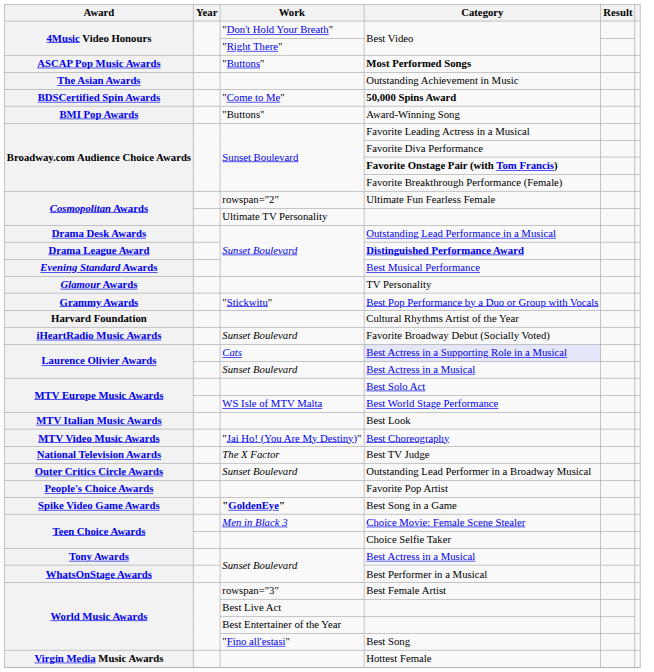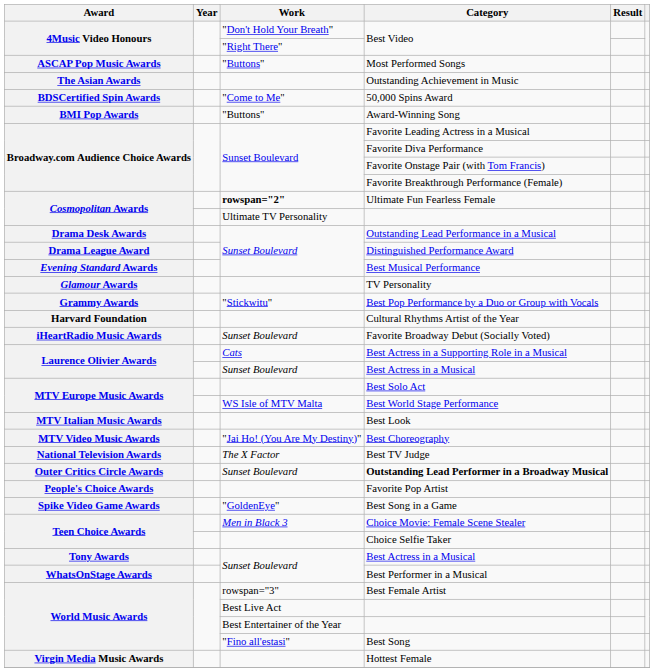 <table class="wikitable sortable plainrowheaders">
 <tr>
 <th scope="col">Award</th>
 <th scope="col">Year</th>
 <th scope="col">Work</th>
 <th scope="col">Category</th>
 <th scope="col">Result</th>
 <th scope="col" class="unsortable"></th>
 </tr>
 <tr>
 <th scope="row" rowspan="2"><a href='#'>4Music</a> Video Honours</th>
 <td rowspan="2"></td>
 <td>"<a href='#'>Don't Hold Your Breath</a>"</td>
 <td rowspan="2">Best Video</td>
 <td></td>
 <td rowspan="2"></td>
 </tr>
 <tr>
 <td>"<a href='#'>Right There</a>"</td>
 <td></td>
 </tr>
 <tr>
 <th scope="row"><a href='#'>ASCAP Pop Music Awards</a></th>
 <td></td>
 <td>"<a href='#'>Buttons</a>"</td>
-<td><strong>Most Performed Songs</strong></td>
+<td>Most Performed Songs</td>
 <td></td>
 <td></td>
 </tr>
 <tr>
 <th scope="row"><a href='#'>The Asian Awards</a></th>
 <td></td>
 <td></td>
 <td>Outstanding Achievement in Music</td>
 <td></td>
 <td></td>
 </tr>
 <tr>
 <th scope="row"><a href='#'>BDSCertified Spin Awards</a></th>
 <td></td>
 <td>"<a href='#'>Come to Me</a>" </td>
-<td><strong>50,000 Spins Award</strong></td>
+<td>50,000 Spins Award</td>
 <td></td>
 <td></td>
 </tr>
 <tr>
 <th scope="row"><a href='#'>BMI Pop Awards</a></th>
 <td></td>
 <td>"Buttons"</td>
 <td>Award-Winning Song</td>
 <td></td>
 <td></td>
 </tr>
 <tr>
 <th scope=row rowspan=4>Broadway.com Audience Choice Awards</th>
 <td rowspan=4></td>
 <td rowspan=4><a href='#'>Sunset Boulevard</a></td>
 <td>Favorite Leading Actress in a Musical</td>
 <td></td>
 <td></td>
 </tr>
 <tr>
 <td>Favorite Diva Performance</td>
 <td></td>
 <td></td>
 </tr>
 <tr>
-<td><strong>Favorite Onstage Pair (with <a href='#'>Tom Francis</a>)</strong></td>
+<td>Favorite Onstage Pair (with <a href='#'>Tom Francis</a>)</td>
 <td></td>
 <td></td>
 </tr>
 <tr>
 <td>Favorite Breakthrough Performance (Female)</td>
 <td></td>
 <td></td>
 </tr>
 <tr>
 <th scope="row" rowspan="2"><a href='#'><em>Cosmopolitan</em> Awards</a></th>
 <td></td>
-<td>rowspan="2" </td>
+<td><strong>rowspan="2" </strong></td>
 <td>Ultimate Fun Fearless Female</td>
 <td></td>
 <td></td>
 </tr>
 <tr>
 <td></td>
 <td>Ultimate TV Personality</td>
 <td></td>
 <td></td>
 </tr>
 <tr>
 <th scope="row"><a href='#'>Drama Desk Awards</a></th>
 <td></td>
 <td rowspan="3"><em><a href='#'>Sunset Boulevard</a></em></td>
 <td><a href='#'>Outstanding Lead Performance in a Musical</a></td>
 <td></td>
 <td align="center"></td>
 </tr>
 <tr>
 <th scope="row"><a href='#'>Drama League Award</a></th>
 <td></td>
-<td><strong><a href='#'>Distinguished Performance Award</a></strong></td>
+<td><a href='#'>Distinguished Performance Award</a></td>
 <td></td>
 <td align="center"></td>
 </tr>
 <tr>
 <th scope="row"><a href='#'><em>Evening Standard</em> Awards</a></th>
 <td></td>
 <td><a href='#'>Best Musical Performance</a></td>
 <td></td>
 <td align="center"></td>
 </tr>
 <tr>
 <th scope="row"><a href='#'><em>Glamour</em> Awards</a></th>
 <td></td>
 <td></td>
 <td>TV Personality</td>
 <td></td>
 <td align="center"></td>
 </tr>
 <tr>
 <th scope="row"><a href='#'>Grammy Awards</a></th>
 <td></td>
 <td>"<a href='#'>Stickwitu</a>"</td>
 <td><a href='#'>Best Pop Performance by a Duo or Group with Vocals</a></td>
 <td></td>
 <td></td>
 </tr>
 <tr>
 <th scope="row">Harvard Foundation</th>
 <td></td>
 <td></td>
 <td>Cultural Rhythms Artist of the Year</td>
 <td></td>
 <td></td>
 </tr>
 <tr>
 <th scope="row"><a href='#'>iHeartRadio Music Awards</a></th>
 <td></td>
 <td><em>Sunset Boulevard</em></td>
 <td>Favorite Broadway Debut (Socially Voted)</td>
 <td></td>
 <td align="center"></td>
 </tr>
 <tr>
 <th scope="row" rowspan="2"><a href='#'>Laurence Olivier Awards</a></th>
 <td></td>
 <td><em><a href='#'>Cats</a></em></td>
-<td style="background: lavender;"><a href='#'>Best Actress in a Supporting Role in a Musical</a></td>
+<td><a href='#'>Best Actress in a Supporting Role in a Musical</a></td>
 <td></td>
 <td></td>
 </tr>
 <tr>
 <td></td>
 <td><em>Sunset Boulevard</em></td>
 <td><a href='#'>Best Actress in a Musical</a></td>
 <td></td>
 <td></td>
 </tr>
 <tr>
 <th scope="row" rowspan="2"><a href='#'>MTV Europe Music Awards</a></th>
 <td></td>
 <td></td>
 <td><a href='#'>Best Solo Act</a></td>
 <td></td>
 <td align="center"></td>
 </tr>
 <tr>
 <td></td>
 <td><a href='#'>WS Isle of MTV Malta</a></td>
 <td><a href='#'>Best World Stage Performance</a></td>
 <td></td>
 <td align="center"></td>
 </tr>
 <tr>
 <th scope="row"><a href='#'>MTV Italian Music Awards</a></th>
 <td></td>
 <td></td>
 <td>Best Look</td>
 <td></td>
 <td></td>
 </tr>
 <tr>
 <th scope="row"><a href='#'>MTV Video Music Awards</a></th>
 <td></td>
 <td>"<a href='#'>Jai Ho! (You Are My Destiny)</a>"</td>
 <td><a href='#'>Best Choreography</a></td>
 <td></td>
 <td></td>
 </tr>
 <tr>
 <th scope="row"><a href='#'>National Television Awards</a></th>
 <td></td>
 <td><em>The X Factor</em></td>
 <td>Best TV Judge</td>
 <td></td>
 <td></td>
 </tr>
 <tr>
 <th scope="row"><a href='#'>Outer Critics Circle Awards</a></th>
 <td></td>
 <td><em>Sunset Boulevard</em></td>
-<td>Outstanding Lead Performer in a Broadway Musical</td>
+<td><strong>Outstanding Lead Performer in a Broadway Musical</strong></td>
 <td></td>
 <td align="center"></td>
 </tr>
 <tr>
 <th scope="row"><a href='#'>People's Choice Awards</a></th>
 <td></td>
 <td></td>
 <td>Favorite Pop Artist</td>
 <td></td>
 <td></td>
 </tr>
 <tr>
 <th scope="row"><a href='#'>Spike Video Game Awards</a></th>
 <td></td>
-<td><strong>"<a href='#'>GoldenEye</a>"</strong></td>
+<td>"<a href='#'>GoldenEye</a>"</td>
 <td>Best Song in a Game</td>
 <td></td>
 <td></td>
 </tr>
 <tr>
 <th scope="row" rowspan="2"><a href='#'>Teen Choice Awards</a></th>
 <td></td>
 <td><em><a href='#'>Men in Black 3</a></em></td>
 <td><a href='#'>Choice Movie: Female Scene Stealer</a></td>
 <td></td>
 <td></td>
 </tr>
 <tr>
 <td></td>
 <td></td>
 <td>Choice Selfie Taker</td>
 <td></td>
 <td></td>
 </tr>
 <tr>
 <th scope="row"><a href='#'>Tony Awards</a></th>
 <td></td>
 <td rowspan="2"><em>Sunset Boulevard</em></td>
 <td><a href='#'>Best Actress in a Musical</a></td>
 <td></td>
 <td align="center"></td>
 </tr>
 <tr>
 <th scope="row"><a href='#'>WhatsOnStage Awards</a></th>
 <td></td>
 <td>Best Performer in a Musical</td>
 <td></td>
 <td align="center"></td>
 </tr>
 <tr>
 <th scope="row" rowspan="4"><a href='#'>World Music Awards</a></th>
 <td rowspan="4"></td>
 <td>rowspan="3" </td>
 <td>Best Female Artist</td>
 <td></td>
 <td align="center"></td>
 </tr>
 <tr>
 <td>Best Live Act</td>
 <td></td>
 <td align="center"></td>
 </tr>
 <tr>
 <td>Best Entertainer of the Year</td>
 <td></td>
 <td align="center"></td>
 </tr>
 <tr>
 <td>"<a href='#'>Fino all'estasi</a>"</td>
 <td>Best Song</td>
 <td></td>
 <td align="center"></td>
 </tr>
 <tr>
 <th scope="row"><a href='#'>Virgin Media</a> Music Awards</th>
 <td></td>
 <td></td>
 <td>Hottest Female</td>
 <td></td>
 <td align="center"></td>
 </tr>
 <tr>
 </tr>
 </table>
